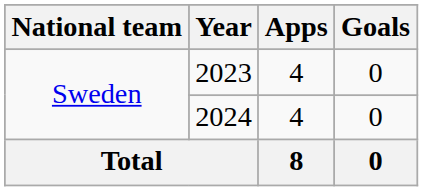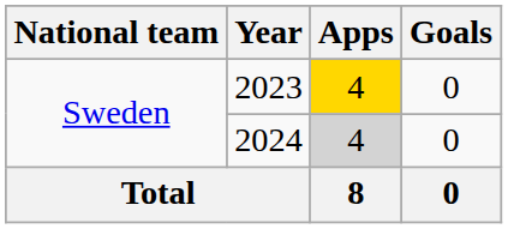 <table class="wikitable" style="text-align:center">
 <tr>
 <th>National team</th>
 <th>Year</th>
 <th>Apps</th>
 <th>Goals</th>
 </tr>
 <tr>
 <td rowspan="2"><a href='#'>Sweden</a></td>
 <td>2023</td>
-<td>4</td>
+<td style="background: gold;">4</td>
 <td>0</td>
 </tr>
 <tr>
 <td>2024</td>
-<td>4</td>
+<td style="background: lightgrey;">4</td>
 <td>0</td>
 </tr>
 <tr>
 <th colspan="2">Total</th>
 <th>8</th>
 <th>0</th>
 </tr>
 </table>
